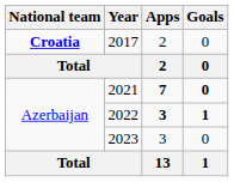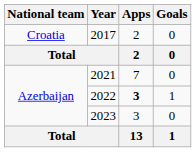 <table class=wikitable style=text-align:center>
 <tr>
 <th>National team</th>
 <th>Year</th>
 <th>Apps</th>
 <th>Goals</th>
 </tr>
 <tr>
-<td><strong><a href='#'>Croatia</a></strong></td>
+<td><a href='#'>Croatia</a></td>
 <td>2017</td>
 <td>2</td>
 <td>0</td>
 </tr>
 <tr>
 <th colspan=2>Total</th>
 <th>2</th>
 <th>0</th>
 </tr>
 <tr>
 <td rowspan=3><a href='#'>Azerbaijan</a></td>
 <td>2021</td>
-<td><strong>7</strong></td>
-<td><strong>0</strong></td>
+<td>7</td>
+<td>0</td>
 </tr>
 <tr>
 <td>2022</td>
 <td><strong>3</strong></td>
-<td><strong>1</strong></td>
+<td>1</td>
 </tr>
 <tr>
 <td>2023</td>
 <td>3</td>
 <td>0</td>
 </tr>
 <tr>
 <th colspan=2>Total</th>
 <th>13</th>
 <th>1</th>
 </tr>
 </table>
